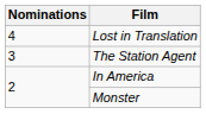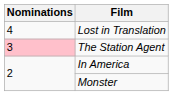 <table class="wikitable">
 <tr>
 <th>Nominations</th>
 <th>Film</th>
 </tr>
 <tr>
 <td>4</td>
 <td><em>Lost in Translation</em></td>
 </tr>
 <tr>
-<td>3</td>
+<td style="background: pink;">3</td>
 <td><em>The Station Agent</em></td>
 </tr>
 <tr>
 <td rowspan="2">2</td>
 <td><em>In America</em></td>
 </tr>
 <tr>
 <td><em>Monster</em></td>
 </tr>
 </table>
